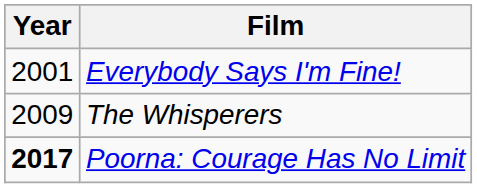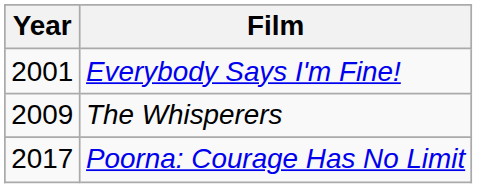 <table class="wikitable">
 <tr>
 <th>Year</th>
 <th>Film</th>
 </tr>
 <tr>
 <td>2001</td>
 <td><em><a href='#'>Everybody Says I'm Fine!</a></em></td>
 </tr>
 <tr>
 <td>2009</td>
 <td><em>The Whisperers</em></td>
 </tr>
 <tr>
-<td><strong>2017</strong></td>
+<td>2017</td>
 <td><em><a href='#'>Poorna: Courage Has No Limit</a></em></td>
 </tr>
 </table>
